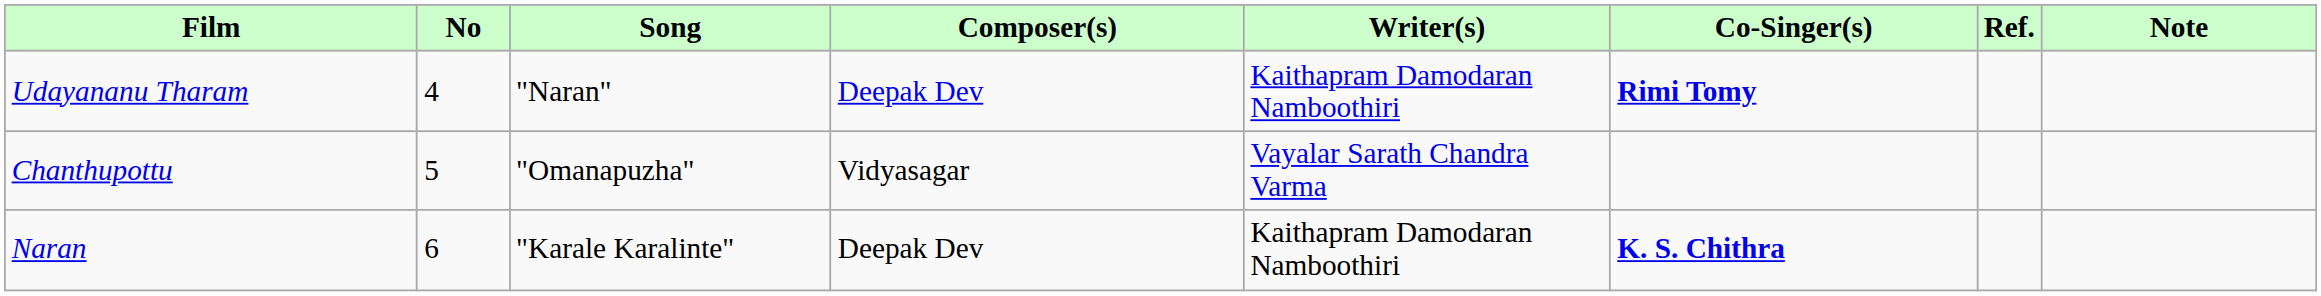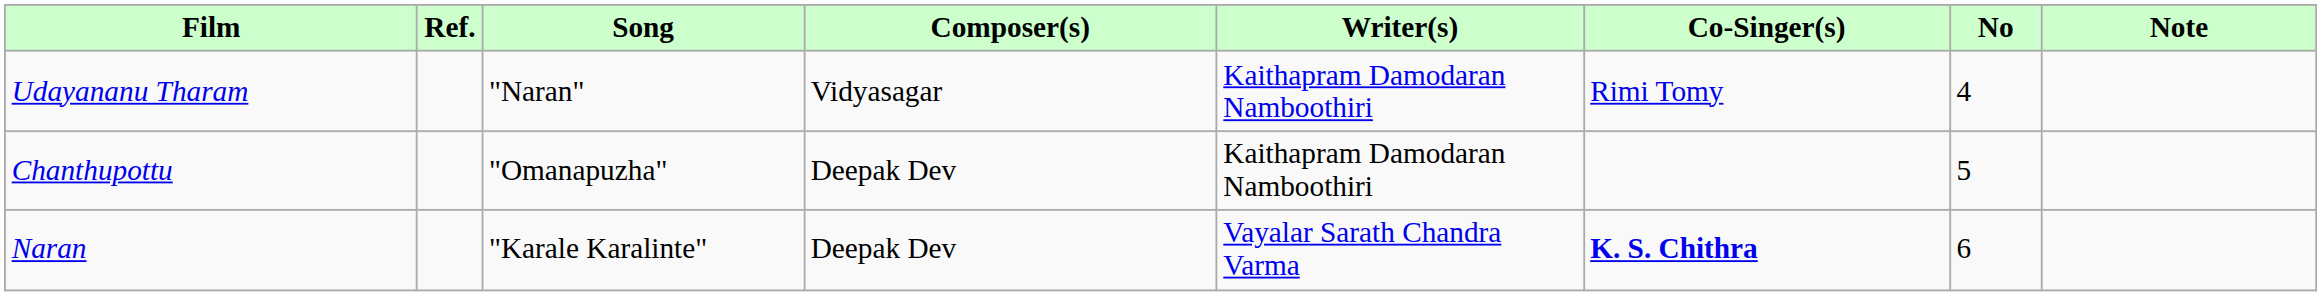 <table class="wikitable plainrowheaders" style="width:100%;" textcolor:#000;" style="align:center;">
 <tr style="background:#cfc; text-align:center;">
 <td scope="col" style="width:18%;"><strong>Film</strong></td>
-<td scope="col" style="width:4%;"><strong>No</strong></td>
+<td scope="col" style="width:2%;"><strong>Ref.</strong></td>
 <td scope="col" style="width:14%;"><strong>Song</strong></td>
 <td scope="col" style="width:18%;"><strong>Composer(s)</strong></td>
 <td scope="col" style="width:16%;"><strong>Writer(s)</strong></td>
 <td scope="col" style="width:16%;"><strong>Co-Singer(s)</strong></td>
-<td scope="col" style="width:2%;"><strong>Ref.</strong></td>
+<td scope="col" style="width:4%;"><strong>No</strong></td>
 <td scope="col" style="width:12%;"><strong>Note</strong></td>
 </tr>
 <tr>
 <td><em><a href='#'>Udayananu Tharam</a></em></td>
+<td></td>
+<td>"Naran"</td>
+<td>Vidyasagar</td>
+<td><a href='#'>Kaithapram Damodaran Namboothiri</a></td>
+<td><a href='#'>Rimi Tomy</a></td>
 <td>4</td>
-<td>"Naran"</td>
-<td><a href='#'>Deepak Dev</a></td>
-<td><a href='#'>Kaithapram Damodaran Namboothiri</a></td>
-<td><strong><a href='#'>Rimi Tomy</a></strong></td>
-<td></td>
 <td></td>
 </tr>
 <tr>
 <td><em><a href='#'>Chanthupottu</a></em></td>
+<td></td>
+<td>"Omanapuzha"</td>
+<td>Deepak Dev</td>
+<td>Kaithapram Damodaran Namboothiri</td>
+<td></td>
 <td>5</td>
-<td>"Omanapuzha"</td>
-<td>Vidyasagar</td>
-<td><a href='#'>Vayalar Sarath Chandra Varma</a></td>
-<td></td>
-<td></td>
 <td></td>
 </tr>
 <tr>
 <td><a href='#'><em>Naran</em></a></td>
-<td>6</td>
+<td></td>
 <td>"Karale Karalinte"</td>
 <td>Deepak Dev</td>
-<td>Kaithapram Damodaran Namboothiri</td>
+<td><a href='#'>Vayalar Sarath Chandra Varma</a></td>
 <td><strong><a href='#'>K. S. Chithra</a></strong></td>
-<td></td>
+<td>6</td>
 <td></td>
 </tr>
 </table>
